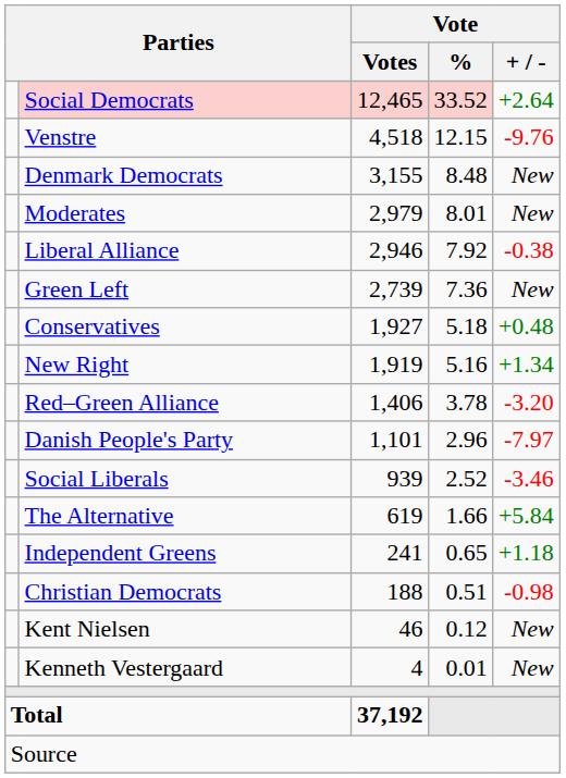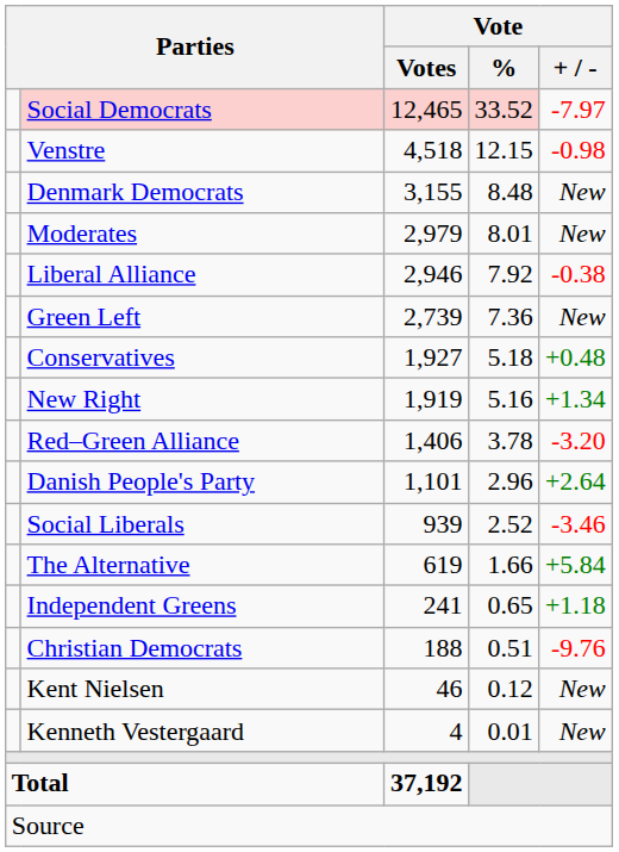 <table class="wikitable" style="text-align:right;">
 <tr>
 <th style="text-align:centre;" rowspan="2" colspan="2" width="225">Parties</th>
 <th colspan="3">Vote</th>
 </tr>
 <tr>
 <th width="15">Votes</th>
 <th width="15">%</th>
 <th width="15">+ / -</th>
 </tr>
 <tr>
 <td width="2" style="color:inherit;background:"></td>
 <td bgcolor=#fbd0ce  align="left"><a href='#'>Social Democrats</a></td>
 <td bgcolor=#fbd0ce>12,465</td>
 <td bgcolor=#fbd0ce>33.52</td>
-<td style=color:green;>+2.64</td>
+<td style=color:red;>-7.97</td>
 </tr>
 <tr>
 <td width="2" style="color:inherit;background:"></td>
 <td align="left"><a href='#'>Venstre</a></td>
 <td>4,518</td>
 <td>12.15</td>
-<td style=color:red;>-9.76</td>
+<td style=color:red;>-0.98</td>
 </tr>
 <tr>
 <td width="2" style="color:inherit;background:"></td>
 <td align="left"><a href='#'>Denmark Democrats</a></td>
 <td>3,155</td>
 <td>8.48</td>
 <td><em>New</em></td>
 </tr>
 <tr>
 <td width="2" style="color:inherit;background:"></td>
 <td align="left"><a href='#'>Moderates</a></td>
 <td>2,979</td>
 <td>8.01</td>
 <td><em>New</em></td>
 </tr>
 <tr>
 <td width="2" style="color:inherit;background:"></td>
 <td align="left"><a href='#'>Liberal Alliance</a></td>
 <td>2,946</td>
 <td>7.92</td>
 <td style=color:red;>-0.38</td>
 </tr>
 <tr>
 <td width="2" style="color:inherit;background:"></td>
 <td align="left"><a href='#'>Green Left</a></td>
 <td>2,739</td>
 <td>7.36</td>
 <td><em>New</em></td>
 </tr>
 <tr>
 <td width="2" style="color:inherit;background:"></td>
 <td align="left"><a href='#'>Conservatives</a></td>
 <td>1,927</td>
 <td>5.18</td>
 <td style=color:green;>+0.48</td>
 </tr>
 <tr>
 <td width="2" style="color:inherit;background:"></td>
 <td align="left"><a href='#'>New Right</a></td>
 <td>1,919</td>
 <td>5.16</td>
 <td style=color:green;>+1.34</td>
 </tr>
 <tr>
 <td width="2" style="color:inherit;background:"></td>
 <td align="left"><a href='#'>Red–Green Alliance</a></td>
 <td>1,406</td>
 <td>3.78</td>
 <td style=color:red;>-3.20</td>
 </tr>
 <tr>
 <td width="2" style="color:inherit;background:"></td>
 <td align="left"><a href='#'>Danish People's Party</a></td>
 <td>1,101</td>
 <td>2.96</td>
-<td style=color:red;>-7.97</td>
+<td style=color:green;>+2.64</td>
 </tr>
 <tr>
 <td width="2" style="color:inherit;background:"></td>
 <td align="left"><a href='#'>Social Liberals</a></td>
 <td>939</td>
 <td>2.52</td>
 <td style=color:red;>-3.46</td>
 </tr>
 <tr>
 <td width="2" style="color:inherit;background:"></td>
 <td align="left"><a href='#'>The Alternative</a></td>
 <td>619</td>
 <td>1.66</td>
 <td style=color:green;>+5.84</td>
 </tr>
 <tr>
 <td width="2" style="color:inherit;background:"></td>
 <td align="left"><a href='#'>Independent Greens</a></td>
 <td>241</td>
 <td>0.65</td>
 <td style=color:green;>+1.18</td>
 </tr>
 <tr>
 <td width="2" style="color:inherit;background:"></td>
 <td align="left"><a href='#'>Christian Democrats</a></td>
 <td>188</td>
 <td>0.51</td>
-<td style=color:red;>-0.98</td>
+<td style=color:red;>-9.76</td>
 </tr>
 <tr>
 <td width="2" style="color:inherit;background:"></td>
 <td align="left">Kent Nielsen</td>
 <td>46</td>
 <td>0.12</td>
 <td><em>New</em></td>
 </tr>
 <tr>
 <td width="2" style="color:inherit;background:"></td>
 <td align="left">Kenneth Vestergaard</td>
 <td>4</td>
 <td>0.01</td>
 <td><em>New</em></td>
 </tr>
 <tr>
 <td colspan="7" bgcolor="#E9E9E9"></td>
 </tr>
 <tr>
 <td align="left" colspan="2"><strong>Total</strong></td>
 <td><strong>37,192</strong></td>
 <td bgcolor="#E9E9E9" colspan="2"></td>
 </tr>
 <tr>
 <td align="left" colspan="6">Source</td>
 </tr>
 </table>
